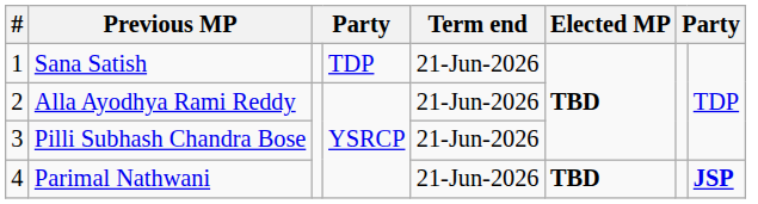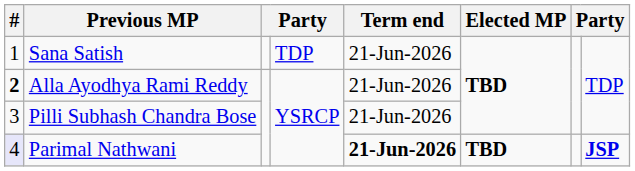 <table class="wikitable sortable">
 <tr>
 <th>#</th>
 <th>Previous MP</th>
 <th colspan="2">Party</th>
 <th>Term end</th>
 <th>Elected MP</th>
 <th colspan="2">Party</th>
 </tr>
 <tr>
 <td>1</td>
 <td><a href='#'>Sana Satish</a></td>
 <td></td>
 <td><a href='#'>TDP</a></td>
 <td>21-Jun-2026</td>
 <td rowspan="3"><strong>TBD</strong></td>
 <td rowspan=3></td>
 <td rowspan="3"><a href='#'>TDP</a></td>
 </tr>
 <tr>
-<td>2</td>
+<td><strong>2</strong></td>
 <td><a href='#'>Alla Ayodhya Rami Reddy</a></td>
 <td rowspan=3></td>
 <td rowspan="3"><a href='#'>YSRCP</a></td>
 <td>21-Jun-2026</td>
 </tr>
 <tr>
 <td>3</td>
 <td><a href='#'>Pilli Subhash Chandra Bose</a></td>
 <td>21-Jun-2026</td>
 </tr>
 <tr>
-<td>4</td>
+<td style="background: lavender;">4</td>
 <td><a href='#'>Parimal Nathwani</a></td>
-<td>21-Jun-2026</td>
+<td><strong>21-Jun-2026</strong></td>
 <td><strong>TBD</strong></td>
 <td rowspan="1"></td>
 <td rowspan="1"><strong><a href='#'>JSP</a></strong></td>
 </tr>
 </table>
